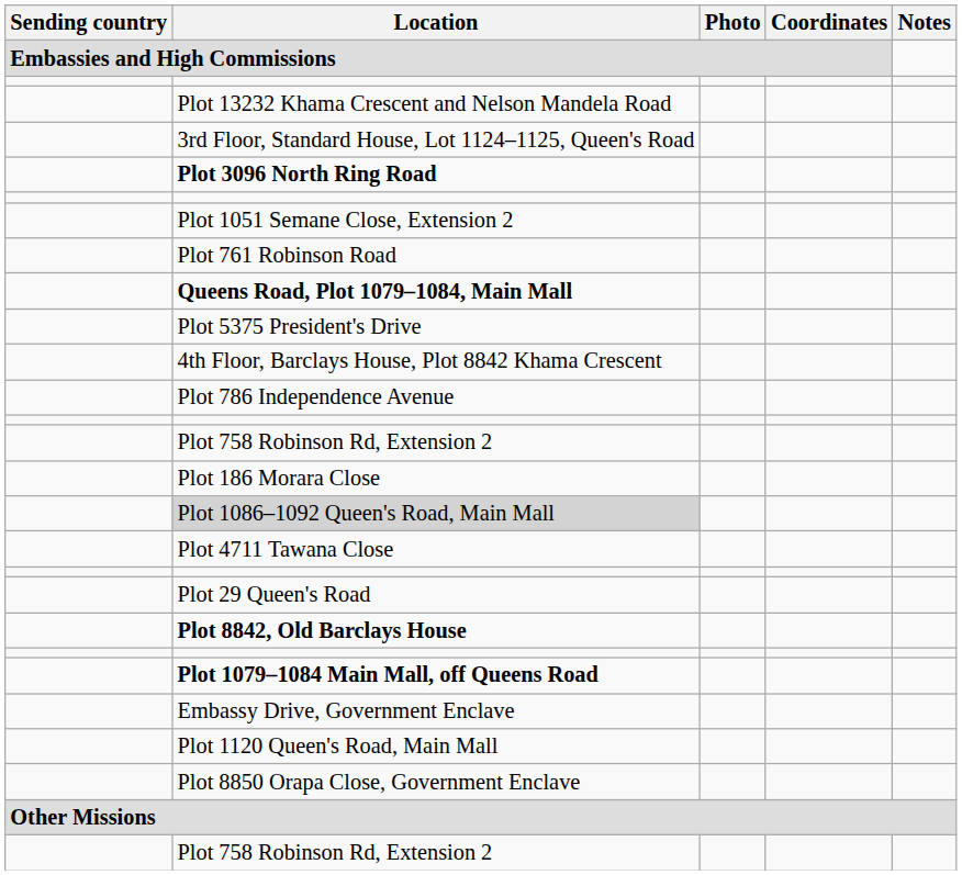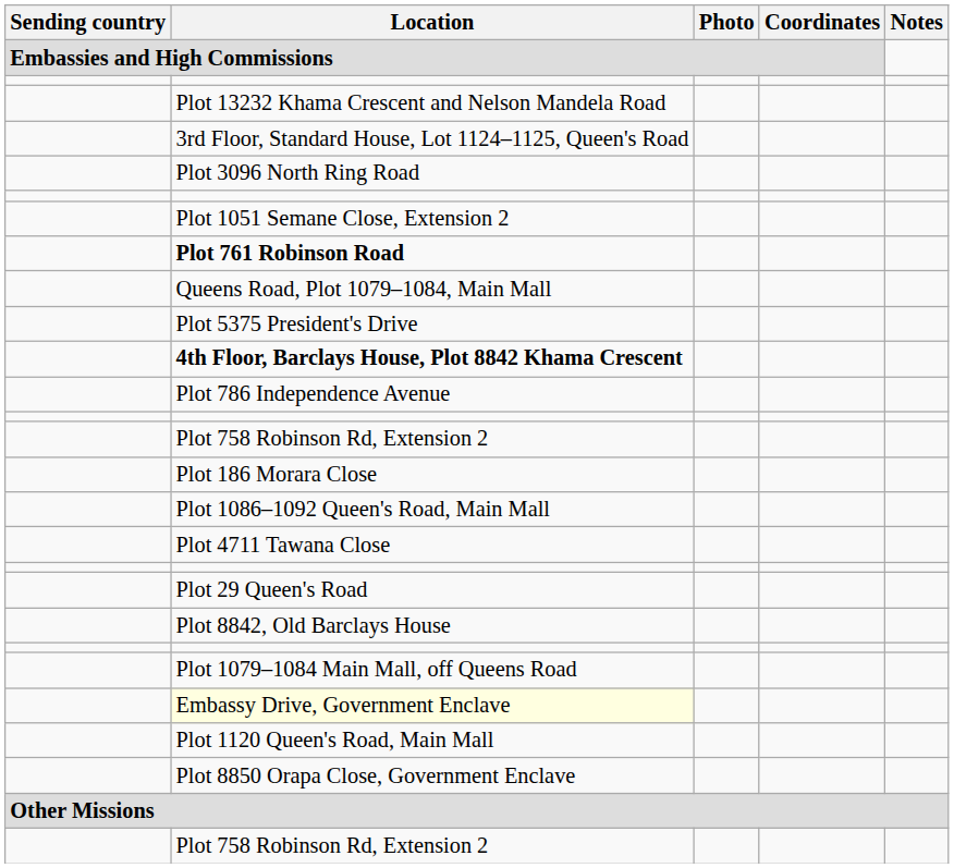 <table class="wikitable sortable">
 <tr>
 <th>Sending country</th>
 <th>Location</th>
 <th>Photo</th>
 <th>Coordinates</th>
 <th class="unsortable">Notes</th>
 </tr>
 <tr class="sortbottom">
 <th colspan="4" style="text-align:left; background:#DDDDDD;">Embassies and High Commissions</th>
 </tr>
 <tr>
 <td></td>
 <td></td>
 <td></td>
 <td></td>
 <td></td>
 </tr>
 <tr>
 <td></td>
 <td>Plot 13232 Khama Crescent and Nelson Mandela Road</td>
 <td></td>
 <td></td>
 <td></td>
 </tr>
 <tr>
 <td></td>
 <td>3rd Floor, Standard House, Lot 1124–1125, Queen's Road</td>
 <td></td>
 <td></td>
 <td></td>
 </tr>
 <tr>
 <td></td>
-<td><strong>Plot 3096 North Ring Road</strong></td>
+<td>Plot 3096 North Ring Road</td>
 <td></td>
 <td></td>
 <td></td>
 </tr>
 <tr>
 <td></td>
 <td></td>
 <td></td>
 <td></td>
 <td></td>
 </tr>
 <tr>
 <td></td>
 <td>Plot 1051 Semane Close, Extension 2</td>
 <td></td>
 <td></td>
 <td></td>
 </tr>
 <tr>
 <td></td>
-<td>Plot 761 Robinson Road</td>
+<td><strong>Plot 761 Robinson Road</strong></td>
 <td></td>
 <td></td>
 <td></td>
 </tr>
 <tr>
 <td></td>
-<td><strong>Queens Road, Plot 1079–1084, Main Mall</strong></td>
+<td>Queens Road, Plot 1079–1084, Main Mall</td>
 <td></td>
 <td></td>
 <td></td>
 </tr>
 <tr>
 <td></td>
 <td>Plot 5375 President's Drive</td>
 <td></td>
 <td></td>
 <td></td>
 </tr>
 <tr>
 <td></td>
-<td>4th Floor, Barclays House, Plot 8842 Khama Crescent</td>
+<td><strong>4th Floor, Barclays House, Plot 8842 Khama Crescent</strong></td>
 <td></td>
 <td></td>
 <td></td>
 </tr>
 <tr>
 <td></td>
 <td>Plot 786 Independence Avenue</td>
 <td></td>
 <td></td>
 <td></td>
 </tr>
 <tr>
 <td></td>
 <td></td>
 <td></td>
 <td></td>
 <td></td>
 </tr>
 <tr>
 <td></td>
 <td>Plot 758 Robinson Rd, Extension 2</td>
 <td></td>
 <td></td>
 <td></td>
 </tr>
 <tr>
 <td></td>
 <td>Plot 186 Morara Close</td>
 <td></td>
 <td></td>
 <td></td>
 </tr>
 <tr>
 <td></td>
-<td style="background: lightgrey;">Plot 1086–1092 Queen's Road, Main Mall</td>
+<td>Plot 1086–1092 Queen's Road, Main Mall</td>
 <td></td>
 <td></td>
 <td></td>
 </tr>
 <tr>
 <td></td>
 <td>Plot 4711 Tawana Close</td>
 <td></td>
 <td></td>
 <td></td>
 </tr>
 <tr>
 <td></td>
 <td></td>
 <td></td>
 <td></td>
 <td></td>
 </tr>
 <tr>
 <td></td>
 <td>Plot 29 Queen's Road</td>
 <td></td>
 <td></td>
 <td></td>
 </tr>
 <tr>
 <td></td>
-<td><strong>Plot 8842, Old Barclays House</strong></td>
+<td>Plot 8842, Old Barclays House</td>
 <td></td>
 <td></td>
 <td></td>
 </tr>
 <tr>
 <td></td>
 <td></td>
 <td></td>
 <td></td>
 <td></td>
 </tr>
 <tr>
 <td></td>
-<td><strong>Plot 1079–1084 Main Mall, off Queens Road</strong></td>
+<td>Plot 1079–1084 Main Mall, off Queens Road</td>
 <td></td>
 <td></td>
 <td></td>
 </tr>
 <tr>
 <td></td>
-<td>Embassy Drive, Government Enclave</td>
+<td style="background: lightyellow;">Embassy Drive, Government Enclave</td>
 <td></td>
 <td></td>
 <td></td>
 </tr>
 <tr>
 <td></td>
 <td>Plot 1120 Queen's Road, Main Mall</td>
 <td></td>
 <td></td>
 <td></td>
 </tr>
 <tr>
 <td></td>
 <td>Plot 8850 Orapa Close, Government Enclave</td>
 <td></td>
 <td></td>
 <td></td>
 </tr>
 <tr class="sortbottom">
 <th colspan="6" style="text-align:left; background:#DDDDDD;">Other Missions</th>
 </tr>
 <tr>
 <td></td>
 <td>Plot 758 Robinson Rd, Extension 2</td>
 <td></td>
 <td></td>
 <td></td>
 </tr>
 </table>
